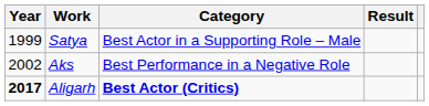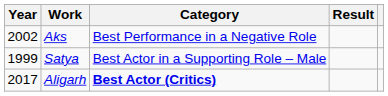 <table class="wikitable sortable"⁣>
 <tr ⁣>
 <th>Year⁣</th>
 <th>Work⁣</th>
 <th>Category⁣</th>
 <th>Result⁣</th>
 <th class="unsortable">⁣</th>
+</tr>
+<tr ⁣⁣>
+<td>2002⁣</td>
+<td><em><a href='#'>Aks</a></em>⁣</td>
+<td><a href='#'>Best Performance in a Negative Role</a>⁣</td>
+<td>⁣</td>
+<td></td>
 </tr>
 <tr>
 <td>1999</td>
 <td><em><a href='#'>Satya</a></em>⁣</td>
 <td><a href='#'>Best Actor in a Supporting Role – Male</a>⁣</td>
 <td>⁣</td>
 <td></td>
 </tr>
 <tr ⁣⁣>
-<td>2002⁣</td>
-<td><em><a href='#'>Aks</a></em>⁣</td>
-<td><a href='#'>Best Performance in a Negative Role</a>⁣</td>
-<td>⁣</td>
-<td></td>
-</tr>
-<tr ⁣⁣>
-<td><strong>2017⁣</strong></td>
+<td>2017⁣</td>
 <td><em><a href='#'>Aligarh</a></em>⁣</td>
 <td><strong><a href='#'>Best Actor (Critics)</a>⁣</strong></td>
 <td>⁣</td>
 <td></td>
 </tr>
 </table>
